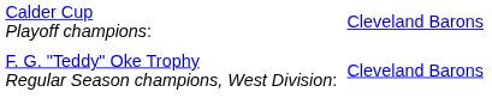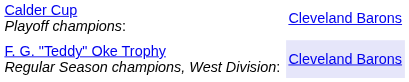 <table cellpadding="3" cellspacing="3">
 <tr>
 <td><a href='#'>Calder Cup</a><br><em>Playoff champions</em>:</td>
 <td><a href='#'>Cleveland Barons</a></td>
 </tr>
 <tr>
 <td><a href='#'>F. G. "Teddy" Oke Trophy</a><br><em>Regular Season champions, West Division</em>:</td>
-<td><a href='#'>Cleveland Barons</a></td>
+<td style="background: lavender;"><a href='#'>Cleveland Barons</a></td>
 </tr>
 </table>
